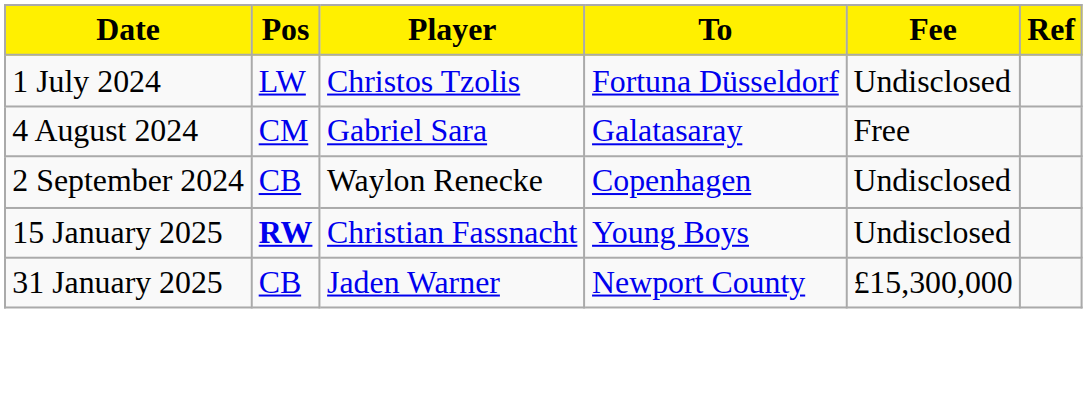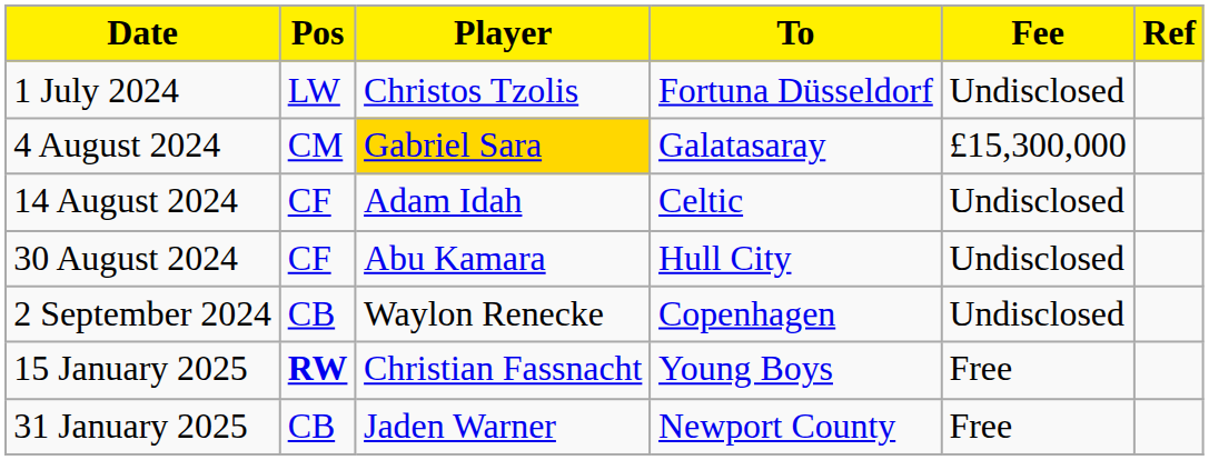 <table class="wikitable plainrowheaders sortable">
 <tr>
 <th style="background:#fff000;color:#000000;">Date</th>
 <th style="background:#fff000;color:#000000;">Pos</th>
 <th style="background:#fff000;color:#000000;">Player</th>
 <th style="background:#fff000;color:#000000;">To</th>
 <th style="background:#fff000;color:#000000;">Fee</th>
 <th style="background:#fff000;color:#000000;">Ref</th>
 </tr>
 <tr>
 <td>1 July 2024</td>
 <td><a href='#'>LW</a></td>
 <td> <a href='#'>Christos Tzolis</a></td>
 <td> <a href='#'>Fortuna Düsseldorf</a></td>
 <td>Undisclosed</td>
 <td></td>
 </tr>
 <tr>
 <td>4 August 2024</td>
 <td><a href='#'>CM</a></td>
-<td> <a href='#'>Gabriel Sara</a></td>
+<td style="background: gold;"> <a href='#'>Gabriel Sara</a></td>
 <td> <a href='#'>Galatasaray</a></td>
-<td>Free</td>
+<td>£15,300,000</td>
+<td></td>
+</tr>
+<tr>
+<td>14 August 2024</td>
+<td><a href='#'>CF</a></td>
+<td> <a href='#'>Adam Idah</a></td>
+<td> <a href='#'>Celtic</a></td>
+<td>Undisclosed</td>
+<td></td>
+</tr>
+<tr>
+<td>30 August 2024</td>
+<td><a href='#'>CF</a></td>
+<td> <a href='#'>Abu Kamara</a></td>
+<td> <a href='#'>Hull City</a></td>
+<td>Undisclosed</td>
 <td></td>
 </tr>
 <tr>
 <td>2 September 2024</td>
 <td><a href='#'>CB</a></td>
 <td> Waylon Renecke</td>
 <td> <a href='#'>Copenhagen</a></td>
 <td>Undisclosed</td>
 <td></td>
 </tr>
 <tr>
 <td>15 January 2025</td>
 <td><strong><a href='#'>RW</a></strong></td>
 <td> <a href='#'>Christian Fassnacht</a></td>
 <td> <a href='#'>Young Boys</a></td>
-<td>Undisclosed</td>
+<td>Free</td>
 <td></td>
 </tr>
 <tr>
 <td>31 January 2025</td>
 <td><a href='#'>CB</a></td>
 <td> <a href='#'>Jaden Warner</a></td>
 <td> <a href='#'>Newport County</a></td>
-<td>£15,300,000</td>
+<td>Free</td>
 <td></td>
 </tr>
 </table>
